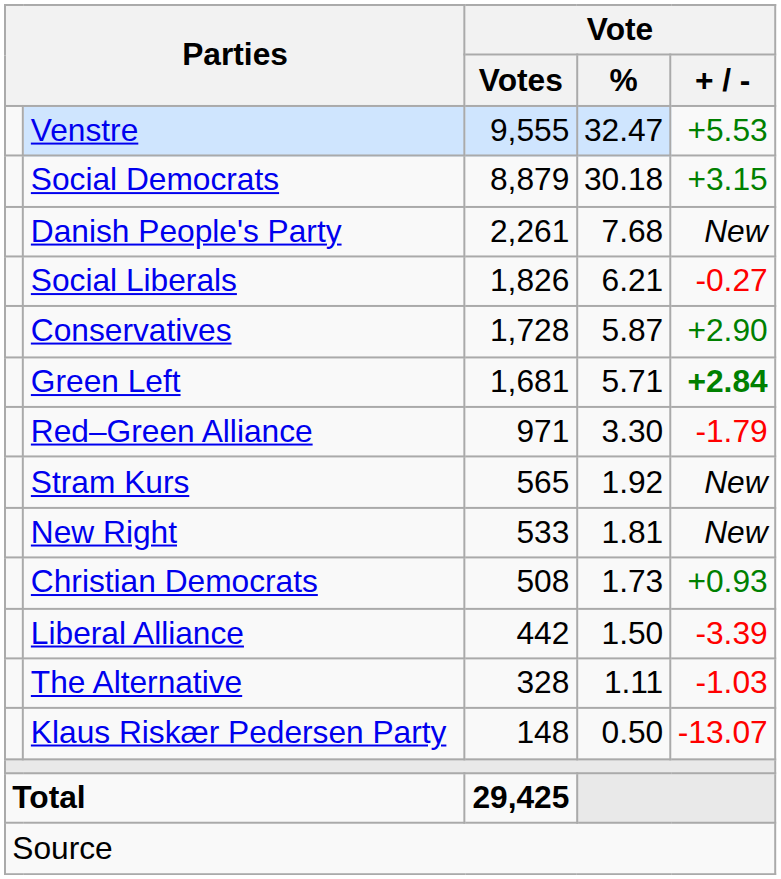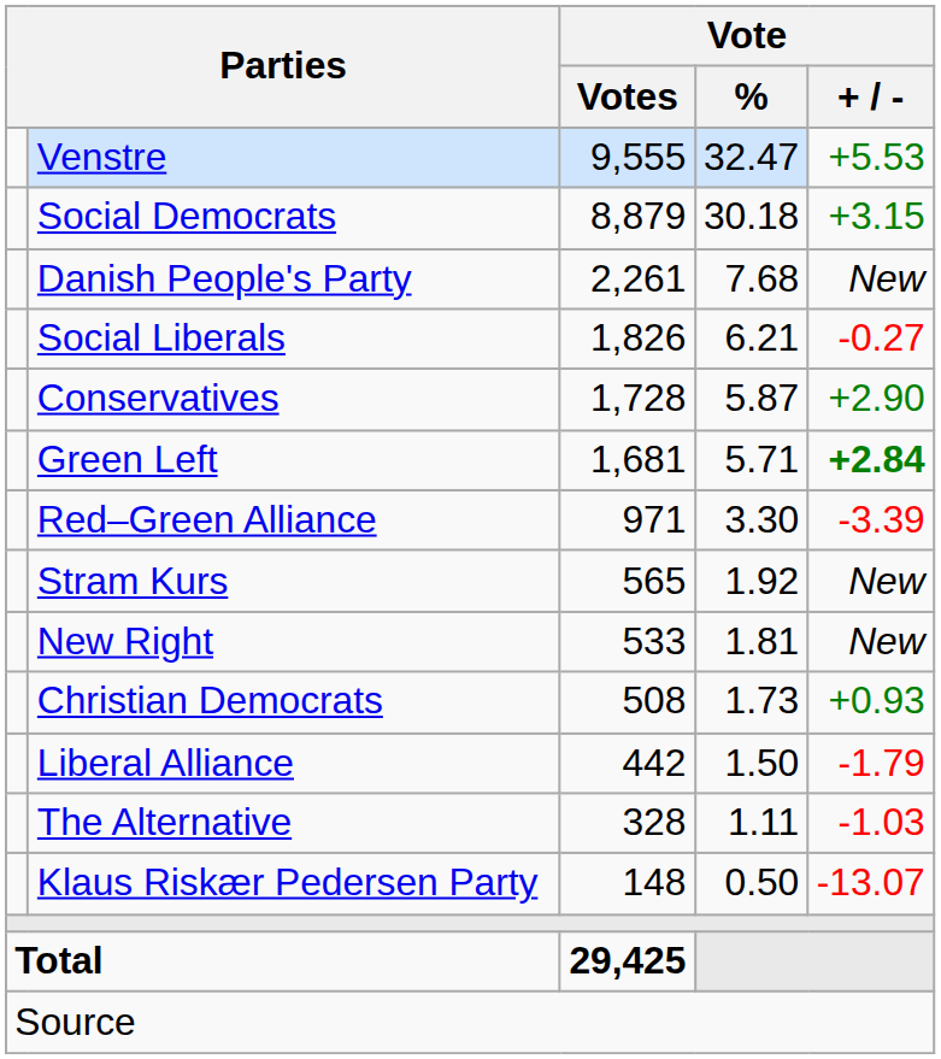 <table class="wikitable" style="text-align:right;">
 <tr>
 <th style="text-align:centre;" rowspan="2" colspan="2" width="225">Parties</th>
 <th colspan="3">Vote</th>
 </tr>
 <tr>
 <th width="15">Votes</th>
 <th width="15">%</th>
 <th width="15">+ / -</th>
 </tr>
 <tr>
 <td width="2" style="color:inherit;background:"></td>
 <td bgcolor=#cfe5fe  align="left"><a href='#'>Venstre</a></td>
 <td bgcolor=#cfe5fe>9,555</td>
 <td bgcolor=#cfe5fe>32.47</td>
 <td style=color:green;>+5.53</td>
 </tr>
 <tr>
 <td width="2" style="color:inherit;background:"></td>
 <td align="left"><a href='#'>Social Democrats</a></td>
 <td>8,879</td>
 <td>30.18</td>
 <td style=color:green;>+3.15</td>
 </tr>
 <tr>
 <td width="2" style="color:inherit;background:"></td>
 <td align="left"><a href='#'>Danish People's Party</a></td>
 <td>2,261</td>
 <td>7.68</td>
 <td><em>New</em></td>
 </tr>
 <tr>
 <td width="2" style="color:inherit;background:"></td>
 <td align="left"><a href='#'>Social Liberals</a></td>
 <td>1,826</td>
 <td>6.21</td>
 <td style=color:red;>-0.27</td>
 </tr>
 <tr>
 <td width="2" style="color:inherit;background:"></td>
 <td align="left"><a href='#'>Conservatives</a></td>
 <td>1,728</td>
 <td>5.87</td>
 <td style=color:green;>+2.90</td>
 </tr>
 <tr>
 <td width="2" style="color:inherit;background:"></td>
 <td align="left"><a href='#'>Green Left</a></td>
 <td>1,681</td>
 <td>5.71</td>
 <td style=color:green;><strong>+2.84</strong></td>
 </tr>
 <tr>
 <td width="2" style="color:inherit;background:"></td>
 <td align="left"><a href='#'>Red–Green Alliance</a></td>
 <td>971</td>
 <td>3.30</td>
-<td style=color:red;>-1.79</td>
+<td style=color:red;>-3.39</td>
 </tr>
 <tr>
 <td width="2" style="color:inherit;background:"></td>
 <td align="left"><a href='#'>Stram Kurs</a></td>
 <td>565</td>
 <td>1.92</td>
 <td><em>New</em></td>
 </tr>
 <tr>
 <td width="2" style="color:inherit;background:"></td>
 <td align="left"><a href='#'>New Right</a></td>
 <td>533</td>
 <td>1.81</td>
 <td><em>New</em></td>
 </tr>
 <tr>
 <td width="2" style="color:inherit;background:"></td>
 <td align="left"><a href='#'>Christian Democrats</a></td>
 <td>508</td>
 <td>1.73</td>
 <td style=color:green;>+0.93</td>
 </tr>
 <tr>
 <td width="2" style="color:inherit;background:"></td>
 <td align="left"><a href='#'>Liberal Alliance</a></td>
 <td>442</td>
 <td>1.50</td>
-<td style=color:red;>-3.39</td>
+<td style=color:red;>-1.79</td>
 </tr>
 <tr>
 <td width="2" style="color:inherit;background:"></td>
 <td align="left"><a href='#'>The Alternative</a></td>
 <td>328</td>
 <td>1.11</td>
 <td style=color:red;>-1.03</td>
 </tr>
 <tr>
 <td width="2" style="color:inherit;background:"></td>
 <td align="left"><a href='#'>Klaus Riskær Pedersen Party</a></td>
 <td>148</td>
 <td>0.50</td>
 <td style=color:red;>-13.07</td>
 </tr>
 <tr>
 <td colspan="7" bgcolor="#E9E9E9"></td>
 </tr>
 <tr>
 <td align="left" colspan="2"><strong>Total</strong></td>
 <td><strong>29,425</strong></td>
 <td bgcolor="#E9E9E9" colspan="2"></td>
 </tr>
 <tr>
 <td align="left" colspan="6">Source</td>
 </tr>
 </table>
